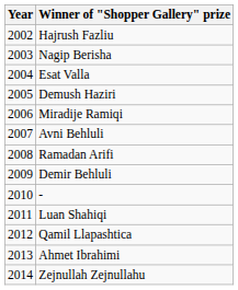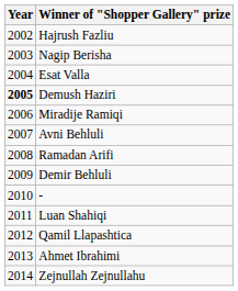 <table class="wikitable">
 <tr>
 <th>Year</th>
 <th>Winner of "Shopper Gallery" prize</th>
 </tr>
 <tr>
 <td>2002</td>
 <td>Hajrush Fazliu</td>
 </tr>
 <tr>
 <td>2003</td>
 <td>Nagip Berisha</td>
 </tr>
 <tr>
 <td>2004</td>
 <td>Esat Valla</td>
 </tr>
 <tr>
-<td>2005</td>
+<td><strong>2005</strong></td>
 <td>Demush Haziri</td>
 </tr>
 <tr>
 <td>2006</td>
 <td>Miradije Ramiqi</td>
 </tr>
 <tr>
 <td>2007</td>
 <td>Avni Behluli</td>
 </tr>
 <tr>
 <td>2008</td>
 <td>Ramadan Arifi</td>
 </tr>
 <tr>
 <td>2009</td>
 <td>Demir Behluli</td>
 </tr>
 <tr>
 <td>2010</td>
 <td>-</td>
 </tr>
 <tr>
 <td>2011</td>
 <td>Luan Shahiqi</td>
 </tr>
 <tr>
 <td>2012</td>
 <td>Qamil Llapashtica</td>
 </tr>
 <tr>
 <td>2013</td>
 <td>Ahmet Ibrahimi</td>
 </tr>
 <tr>
 <td>2014</td>
 <td>Zejnullah Zejnullahu</td>
 </tr>
 </table>
